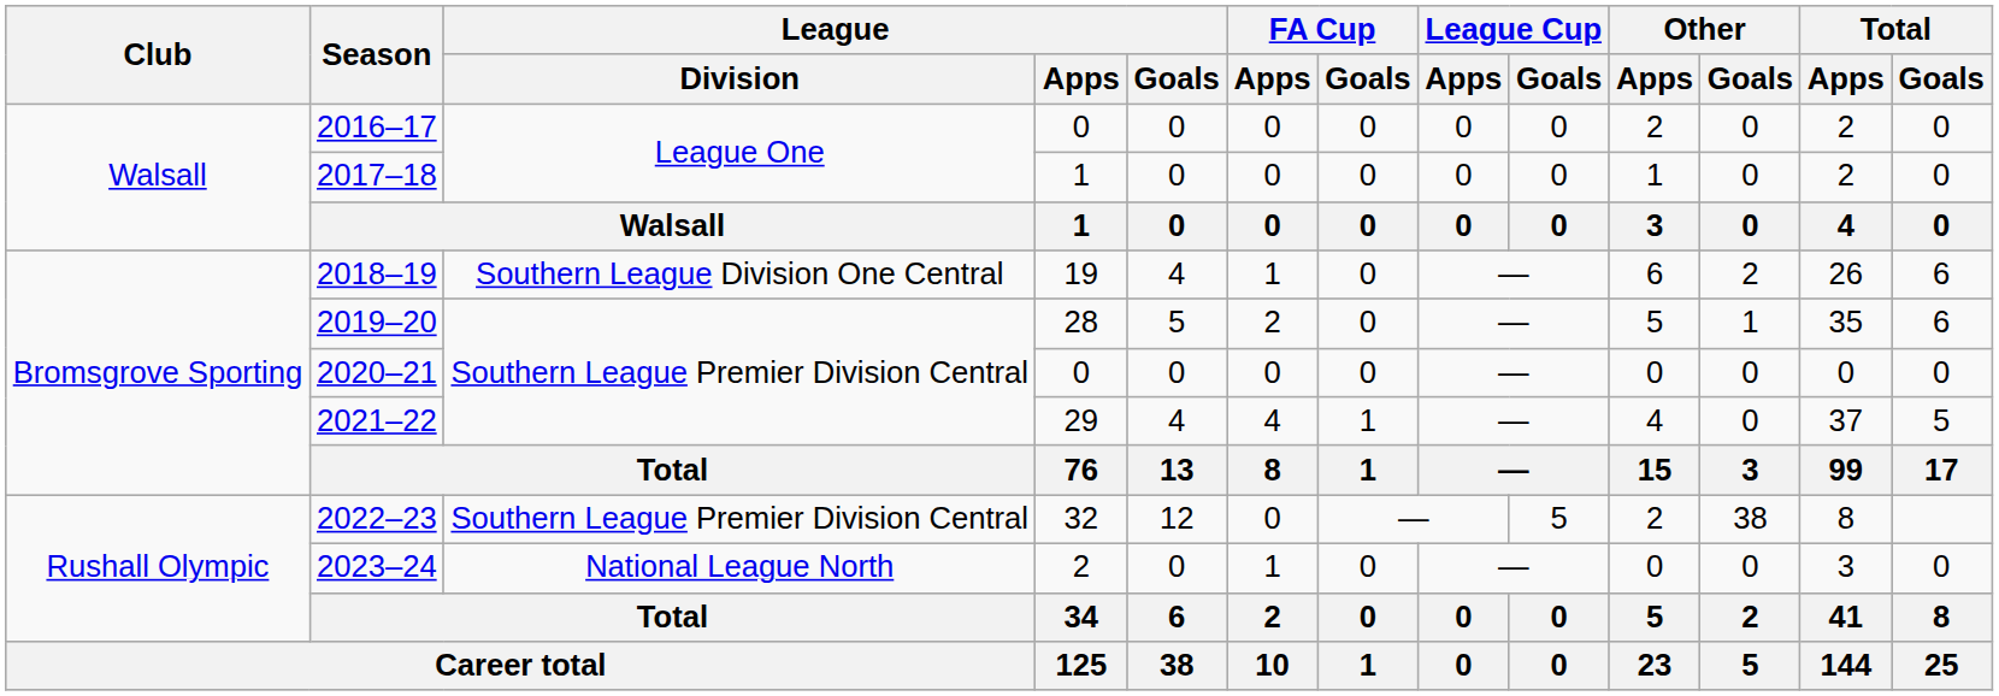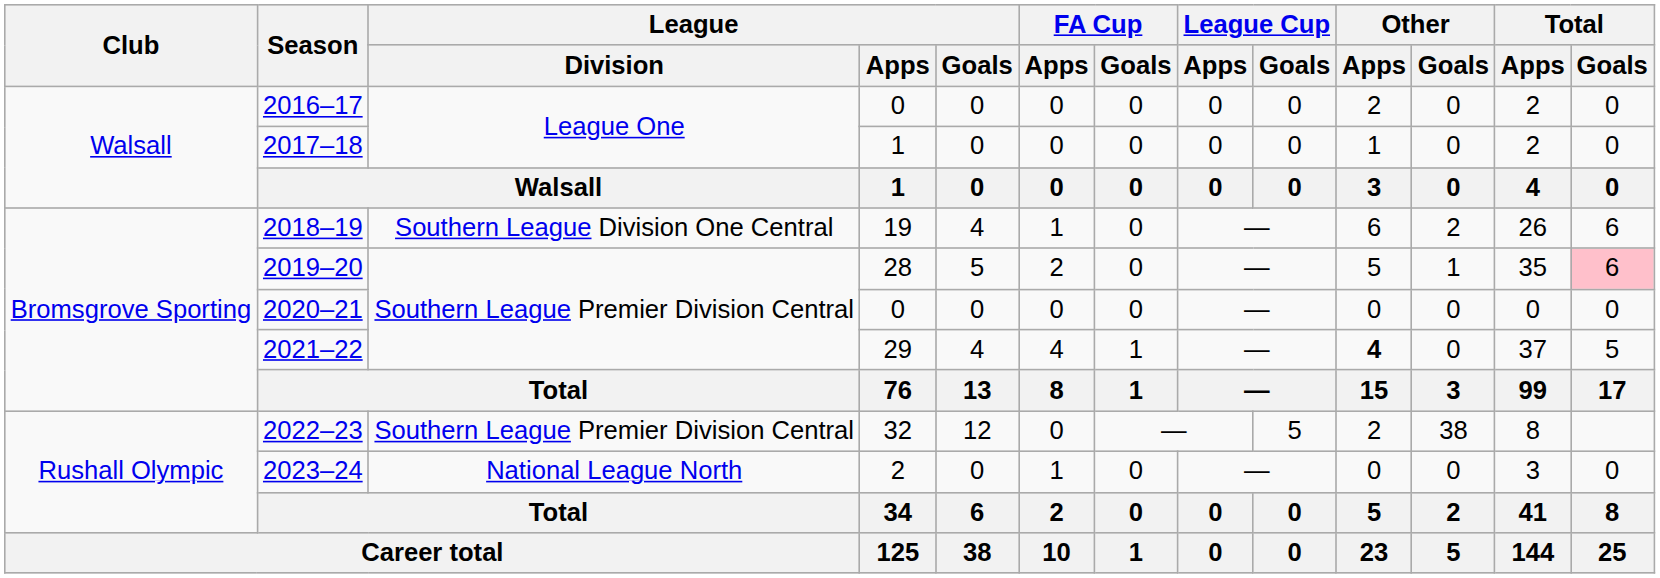 <table class="wikitable" style="text-align: center">
 <tr>
 <th rowspan=2>Club</th>
 <th rowspan=2>Season</th>
 <th colspan=3>League</th>
 <th colspan=2><a href='#'>FA Cup</a></th>
 <th colspan=2><a href='#'>League Cup</a></th>
 <th colspan=2>Other</th>
 <th colspan=2>Total</th>
 </tr>
 <tr>
 <th>Division</th>
 <th>Apps</th>
 <th>Goals</th>
 <th>Apps</th>
 <th>Goals</th>
 <th>Apps</th>
 <th>Goals</th>
 <th>Apps</th>
 <th>Goals</th>
 <th>Apps</th>
 <th>Goals</th>
 </tr>
 <tr>
 <td rowspan=3><a href='#'>Walsall</a></td>
 <td><a href='#'>2016–17</a></td>
 <td rowspan=2><a href='#'>League One</a></td>
 <td>0</td>
 <td>0</td>
 <td>0</td>
 <td>0</td>
 <td>0</td>
 <td>0</td>
 <td>2</td>
 <td>0</td>
 <td>2</td>
 <td>0</td>
 </tr>
 <tr>
 <td><a href='#'>2017–18</a></td>
 <td>1</td>
 <td>0</td>
 <td>0</td>
 <td>0</td>
 <td>0</td>
 <td>0</td>
 <td>1</td>
 <td>0</td>
 <td>2</td>
 <td>0</td>
 </tr>
 <tr>
 <th colspan=2>Walsall</th>
 <th>1</th>
 <th>0</th>
 <th>0</th>
 <th>0</th>
 <th>0</th>
 <th>0</th>
 <th>3</th>
 <th>0</th>
 <th>4</th>
 <th>0</th>
 </tr>
 <tr>
 <td rowspan=5><a href='#'>Bromsgrove Sporting</a></td>
 <td><a href='#'>2018–19</a></td>
 <td><a href='#'>Southern League</a> Division One Central</td>
 <td>19</td>
 <td>4</td>
 <td>1</td>
 <td>0</td>
 <td colspan=2>—</td>
 <td>6</td>
 <td>2</td>
 <td>26</td>
 <td>6</td>
 </tr>
 <tr>
 <td><a href='#'>2019–20</a></td>
 <td rowspan=3><a href='#'>Southern League</a> Premier Division Central</td>
 <td>28</td>
 <td>5</td>
 <td>2</td>
 <td>0</td>
 <td colspan=2>—</td>
 <td>5</td>
 <td>1</td>
 <td>35</td>
-<td>6</td>
+<td style="background: pink;">6</td>
 </tr>
 <tr>
 <td><a href='#'>2020–21</a></td>
 <td>0</td>
 <td>0</td>
 <td>0</td>
 <td>0</td>
 <td colspan=2>—</td>
 <td>0</td>
 <td>0</td>
 <td>0</td>
 <td>0</td>
 </tr>
 <tr>
 <td><a href='#'>2021–22</a></td>
 <td>29</td>
 <td>4</td>
 <td>4</td>
 <td>1</td>
 <td colspan=2>—</td>
-<td>4</td>
+<td><strong>4</strong></td>
 <td>0</td>
 <td>37</td>
 <td>5</td>
 </tr>
 <tr>
 <th colspan=2>Total</th>
 <th>76</th>
 <th>13</th>
 <th>8</th>
 <th>1</th>
 <th colspan=2>—</th>
 <th>15</th>
 <th>3</th>
 <th>99</th>
 <th>17</th>
 </tr>
 <tr>
 <td rowspan="3"><a href='#'>Rushall Olympic</a></td>
 <td><a href='#'>2022–23</a></td>
 <td><a href='#'>Southern League</a> Premier Division Central</td>
 <td>32</td>
 <td>12</td>
 <td 10>0</td>
 <td colspan=2>—</td>
 <td>5</td>
 <td>2</td>
 <td>38</td>
 <td>8</td>
 </tr>
 <tr>
 <td><a href='#'>2023–24</a></td>
 <td><a href='#'>National League North</a></td>
 <td>2</td>
 <td>0</td>
 <td>1</td>
 <td>0</td>
 <td colspan="2">—</td>
 <td>0</td>
 <td>0</td>
 <td>3</td>
 <td>0</td>
 </tr>
 <tr>
 <th colspan="2">Total</th>
 <th>34</th>
 <th>6</th>
 <th>2</th>
 <th>0</th>
 <th>0</th>
 <th>0</th>
 <th>5</th>
 <th>2</th>
 <th>41</th>
 <th>8</th>
 </tr>
 <tr>
 <th colspan=3>Career total</th>
 <th>125</th>
 <th>38</th>
 <th>10</th>
 <th>1</th>
 <th>0</th>
 <th>0</th>
 <th>23</th>
 <th>5</th>
 <th>144</th>
 <th>25</th>
 </tr>
 </table>
